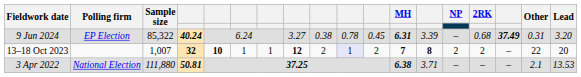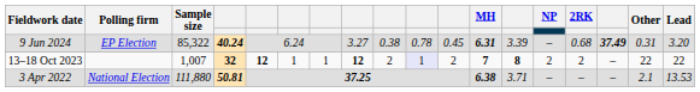 <table class="wikitable sortable" style="text-align:center;font-size:95%;line-height:16px;">
 <tr>
 <th rowspan="2">Fieldwork date</th>
 <th rowspan="2">Polling firm</th>
 <th rowspan="2">Sample<br>size</th>
 <th style="width:35px;"></th>
 <th style="width:35px;"></th>
 <th style="width:35px;"></th>
 <th style="width:35px;"></th>
 <th style="width:35px;"></th>
 <th style="width:35px;"></th>
 <th style="width:35px;"></th>
 <th style="width:35px;"></th>
 <th style="width:35px;"><a href='#'>MH</a></th>
 <th style="width:35px;"></th>
 <th style="width:35px;"><a href='#'>NP</a></th>
 <th style="width:35px;"><a href='#'>2RK</a></th>
 <th></th>
 <th rowspan="2">Other</th>
 <th rowspan="2">Lead</th>
 </tr>
 <tr>
 <th style="background:"></th>
 <th style="background:"></th>
 <th style="background:"></th>
 <th style="background:"></th>
 <th style="background:"></th>
 <th style="background:"></th>
 <th style="background:"></th>
 <th style="background:"></th>
 <th style="background:"></th>
 <th style="background:"></th>
 <th style="background:#023854;"></th>
 <th style="background:"></th>
 <th style="background:"></th>
 </tr>
 <tr style="background:#DFDFDF;">
 <td><em>9 Jun 2024</em></td>
 <td><em><a href='#'>EP Election</a></em></td>
 <td>85,322</td>
 <td style="background:#FFE5B4"><strong><em>40.24</em></strong></td>
 <td colspan="3"><em>6.24</em></td>
 <td><em>3.27</em></td>
 <td><em>0.38</em></td>
 <td><em>0.78</em></td>
 <td><em>0.45</em></td>
 <td><strong><em>6.31</em></strong></td>
 <td><em>3.39</em></td>
 <td>–</td>
 <td><em>0.68</em></td>
 <td><strong><em>37.49</em></strong></td>
 <td><em>0.31</em></td>
 <td style="background:"><em>3.20</em></td>
 </tr>
 <tr>
 <td data-sort-value="2023-10-18">13–18 Oct 2023</td>
 <td></td>
 <td>1,007</td>
 <td style="background:#FFE5B4"><strong>32</strong></td>
-<td><strong>10</strong></td>
+<td><strong>12</strong></td>
 <td>1</td>
 <td>1</td>
 <td><strong>12</strong></td>
 <td>2</td>
 <td style="background: lavender;">1</td>
 <td>2</td>
 <td><strong>7</strong></td>
 <td><strong>8</strong></td>
 <td>2</td>
 <td>2</td>
 <td>–</td>
 <td>22</td>
-<td style="background:">20</td>
+<td style="background:">22</td>
 </tr>
 <tr style="background:#DFDFDF;">
 <td data-sort-value="2022-04-03"><em>3 Apr 2022</em></td>
 <td><em><a href='#'>National Election</a></em></td>
 <td><em>111,880</em></td>
 <td style="background:#FFE5B4"><strong><em>50.81</em></strong></td>
 <td colspan="7"><strong><em>37.25</em></strong></td>
 <td><strong><em>6.38</em></strong></td>
 <td><em>3.71</em></td>
 <td>–</td>
 <td>–</td>
 <td>–</td>
 <td><em>2.1</em></td>
 <td style="background:"><em>13.53</em></td>
 </tr>
 </table>
